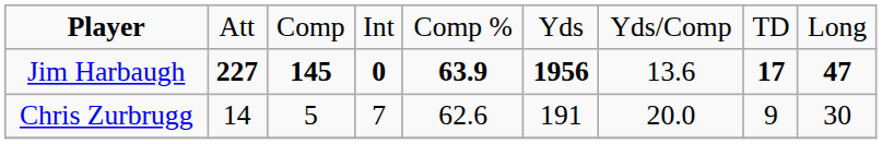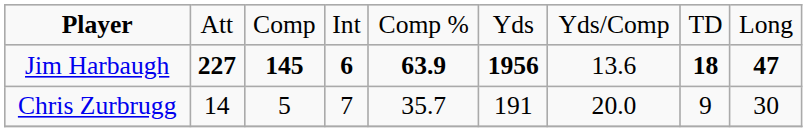 <table class="wikitable" width="80%">
 <tr align="center">
 <td><strong>Player</strong></td>
 <td>Att</td>
 <td>Comp</td>
 <td>Int</td>
 <td>Comp %</td>
 <td>Yds</td>
 <td>Yds/Comp</td>
 <td>TD</td>
 <td>Long</td>
 </tr>
 <tr align="center" bgcolor="">
 <td><a href='#'>Jim Harbaugh</a></td>
 <td><strong>227</strong></td>
 <td><strong>145</strong></td>
-<td><strong>0</strong></td>
+<td><strong>6</strong></td>
 <td><strong>63.9</strong></td>
 <td><strong>1956</strong></td>
 <td>13.6</td>
-<td><strong>17</strong></td>
+<td><strong>18</strong></td>
 <td><strong>47</strong></td>
 </tr>
 <tr align="center" bgcolor="">
 <td><a href='#'>Chris Zurbrugg</a></td>
 <td>14</td>
 <td>5</td>
 <td>7</td>
-<td>62.6</td>
+<td>35.7</td>
 <td>191</td>
 <td>20.0</td>
 <td>9</td>
 <td>30</td>
 </tr>
 <tr align="center" bgcolor="">
 </tr>
 </table>
